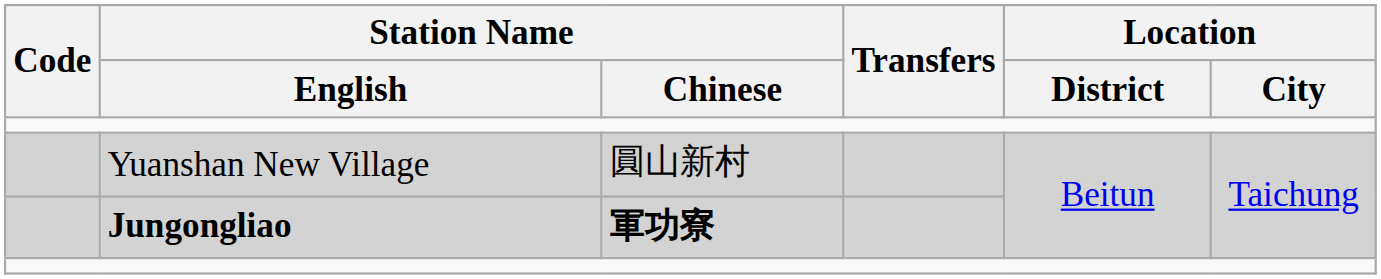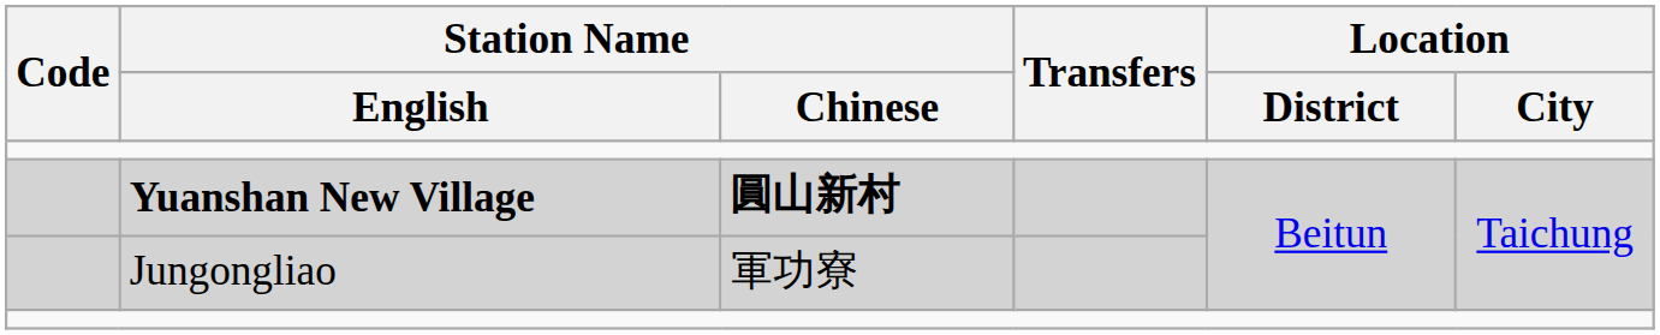 <table class="wikitable" style="width: 100%">
 <tr>
 <th scope="col" rowspan="2" style="width: 30px;">Code</th>
 <th colspan="2">Station Name</th>
 <th rowspan="2">Transfers</th>
 <th colspan="2">Location</th>
 </tr>
 <tr>
 <th>English</th>
 <th>Chinese</th>
 <th>District</th>
 <th>City</th>
 </tr>
 <tr>
 <td colspan = "6"></td>
 </tr>
 <tr bgcolor = "lightgrey">
 <td></td>
-<td style="width:270px;">Yuanshan New Village</td>
-<td style="width:120px;">圓山新村</td>
+<td style="width:270px;"><strong>Yuanshan New Village</strong></td>
+<td style="width:120px;"><strong>圓山新村</strong></td>
 <td> </td>
 <td rowspan="2" style="width:100px; text-align:center;"><a href='#'>Beitun</a></td>
 <td rowspan="2" style="width:70px; text-align:center;"><a href='#'>Taichung</a></td>
 </tr>
 <tr bgcolor = "lightgrey">
 <td></td>
-<td><strong>Jungongliao</strong></td>
-<td><strong>軍功寮</strong></td>
+<td>Jungongliao</td>
+<td>軍功寮</td>
 <td> </td>
 </tr>
 <tr>
 <td colspan = "6"></td>
 </tr>
 </table>
